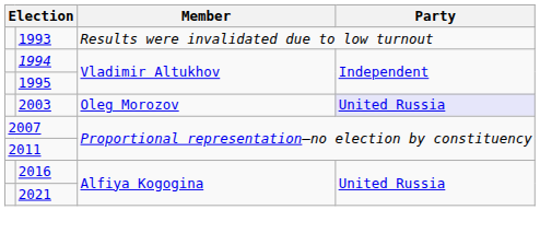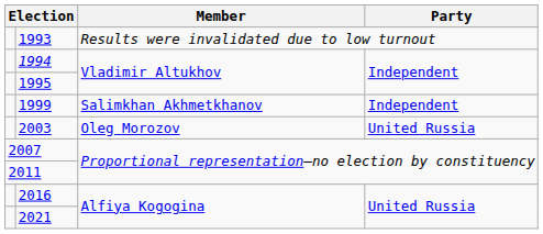 <table class="wikitable">
 <tr>
 <th colspan="2">Election</th>
 <th>Member</th>
 <th>Party</th>
 </tr>
 <tr>
 <td style="background-color:"></td>
 <td><a href='#'>1993</a></td>
 <td colspan=2><em>Results were invalidated due to low turnout</em></td>
 </tr>
 <tr>
 <td style="background-color:"></td>
 <td><em><a href='#'>1994</a></em></td>
 <td rowspan=2><a href='#'>Vladimir Altukhov</a></td>
 <td rowspan=2><a href='#'>Independent</a></td>
 </tr>
 <tr>
 <td style="background-color:"></td>
 <td><a href='#'>1995</a></td>
 </tr>
 <tr>
 <td style="background-color:"></td>
+<td><a href='#'>1999</a></td>
+<td><a href='#'>Salimkhan Akhmetkhanov</a></td>
+<td><a href='#'>Independent</a></td>
+</tr>
+<tr>
+<td style="background-color:"></td>
 <td><a href='#'>2003</a></td>
 <td><a href='#'>Oleg Morozov</a></td>
-<td style="background: lavender;"><a href='#'>United Russia</a></td>
+<td><a href='#'>United Russia</a></td>
 </tr>
 <tr>
 <td colspan=2><a href='#'>2007</a></td>
 <td colspan=2 rowspan=2><em><a href='#'>Proportional representation</a>—no election by constituency</em></td>
 </tr>
 <tr>
 <td colspan=2><a href='#'>2011</a></td>
 </tr>
 <tr>
 <td style="background-color: "></td>
 <td><a href='#'>2016</a></td>
 <td rowspan=2><a href='#'>Alfiya Kogogina</a></td>
 <td rowspan=2><a href='#'>United Russia</a></td>
 </tr>
 <tr>
 <td style="background-color: "></td>
 <td><a href='#'>2021</a></td>
 </tr>
 </table>
